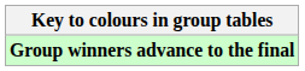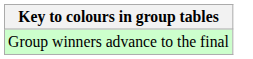 <table class="wikitable">
 <tr>
 <th>Key to colours in group tables</th>
 </tr>
 <tr bgcolor=#ccffcc>
-<td><strong>Group winners advance to the final</strong></td>
+<td>Group winners advance to the final</td>
 </tr>
 </table>
